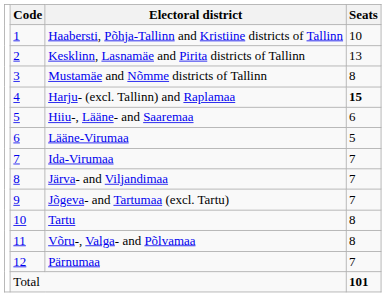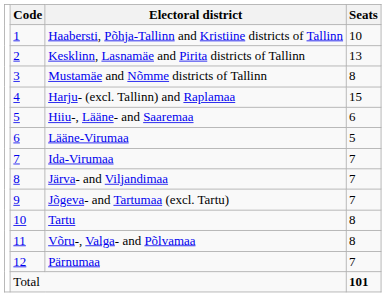 <table class="wikitable">
 <tr>
 <th rowspan="17" style="background-color:white"></th>
 <th>Code</th>
 <th>Electoral district</th>
 <th>Seats</th>
 </tr>
 <tr>
 <td><a href='#'>1</a></td>
 <td><a href='#'>Haabersti</a>, <a href='#'>Põhja-Tallinn</a> and <a href='#'>Kristiine</a> districts of <a href='#'>Tallinn</a></td>
 <td>10</td>
 </tr>
 <tr>
 <td><a href='#'>2</a></td>
 <td><a href='#'>Kesklinn</a>, <a href='#'>Lasnamäe</a> and <a href='#'>Pirita</a> districts of Tallinn</td>
 <td>13</td>
 </tr>
 <tr>
 <td><a href='#'>3</a></td>
 <td><a href='#'>Mustamäe</a> and <a href='#'>Nõmme</a> districts of Tallinn</td>
 <td>8</td>
 </tr>
 <tr>
 <td><a href='#'>4</a></td>
 <td><a href='#'>Harju</a>- (excl. Tallinn) and <a href='#'>Raplamaa</a></td>
-<td><strong>15</strong></td>
+<td>15</td>
 </tr>
 <tr>
 <td><a href='#'>5</a></td>
 <td><a href='#'>Hiiu</a>-, <a href='#'>Lääne</a>- and <a href='#'>Saaremaa</a></td>
 <td>6</td>
 </tr>
 <tr>
 <td><a href='#'>6</a></td>
 <td><a href='#'>Lääne-Virumaa</a></td>
 <td>5</td>
 </tr>
 <tr>
 <td><a href='#'>7</a></td>
 <td><a href='#'>Ida-Virumaa</a></td>
 <td>7</td>
 </tr>
 <tr>
 <td><a href='#'>8</a></td>
 <td><a href='#'>Järva</a>- and <a href='#'>Viljandimaa</a></td>
 <td>7</td>
 </tr>
 <tr>
 <td><a href='#'>9</a></td>
 <td><a href='#'>Jõgeva</a>- and <a href='#'>Tartumaa</a> (excl. Tartu)</td>
 <td>7</td>
 </tr>
 <tr>
 <td><a href='#'>10</a></td>
 <td><a href='#'>Tartu</a></td>
 <td>8</td>
 </tr>
 <tr>
 <td><a href='#'>11</a></td>
 <td><a href='#'>Võru</a>-, <a href='#'>Valga</a>- and <a href='#'>Põlvamaa</a></td>
 <td>8</td>
 </tr>
 <tr>
 <td><a href='#'>12</a></td>
 <td><a href='#'>Pärnumaa</a></td>
 <td>7</td>
 </tr>
 <tr>
 <td colspan="2">Total</td>
 <td><strong>101</strong></td>
 </tr>
 </table>
